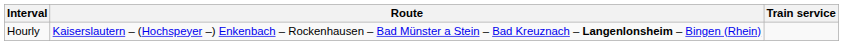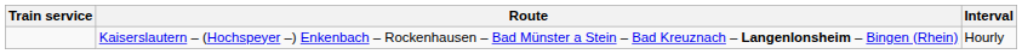 <table class="wikitable">
 <tr>
+<th>Train service</th>
+<th>Route</th>
 <th>Interval</th>
-<th>Route</th>
-<th>Train service</th>
 </tr>
 <tr>
+<td></td>
+<td><a href='#'>Kaiserslautern</a> – (<a href='#'>Hochspeyer</a> –) <a href='#'>Enkenbach</a> – Rockenhausen – <a href='#'>Bad Münster a Stein</a> – <a href='#'>Bad Kreuznach</a> – <strong>Langenlonsheim</strong> – <a href='#'>Bingen (Rhein)</a></td>
 <td>Hourly</td>
-<td><a href='#'>Kaiserslautern</a> – (<a href='#'>Hochspeyer</a> –) <a href='#'>Enkenbach</a> – Rockenhausen – <a href='#'>Bad Münster a Stein</a> – <a href='#'>Bad Kreuznach</a> – <strong>Langenlonsheim</strong> – <a href='#'>Bingen (Rhein)</a></td>
-<td></td>
 </tr>
 </table>
